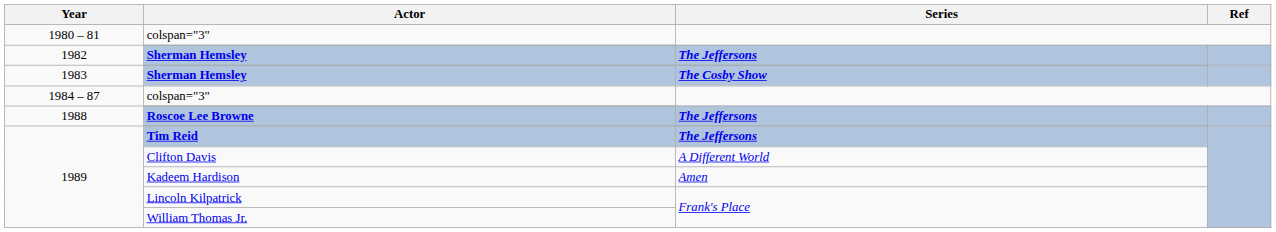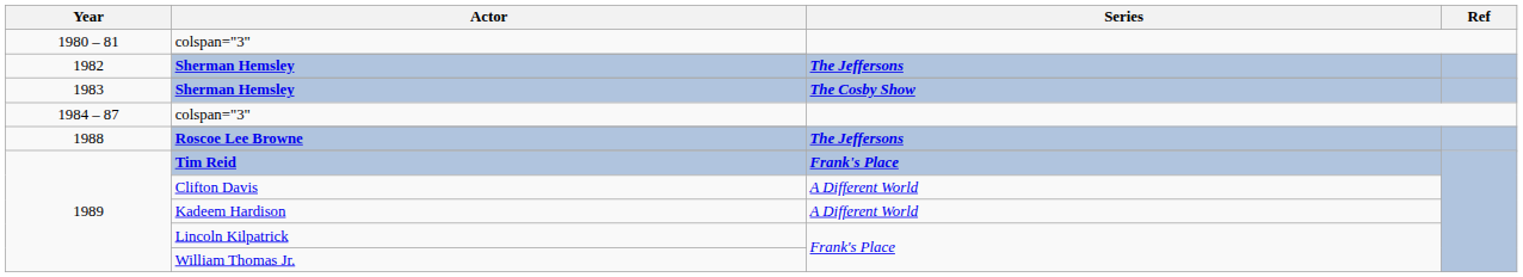 <table class="wikitable" style="width:100%;">
 <tr style="background:#bebebe;">
 <th style="width:11%;">Year</th>
 <th style="width:42%;">Actor</th>
 <th style="width:42%;">Series</th>
 <th style="width:5%;">Ref</th>
 </tr>
 <tr>
 <td align="center">1980 – 81</td>
 <td>colspan="3" </td>
 </tr>
 <tr>
 <td rowspan="2" align="center">1982</td>
 </tr>
 <tr style="background:#B0C4DE">
 <td><strong><a href='#'>Sherman Hemsley</a></strong></td>
 <td><strong><em><a href='#'>The Jeffersons</a></em></strong></td>
 <td rowspan="2" align="center"></td>
 </tr>
 <tr>
 <td rowspan="2" align="center">1983</td>
 </tr>
 <tr style="background:#B0C4DE">
 <td><strong><a href='#'>Sherman Hemsley</a></strong></td>
 <td><strong><em><a href='#'>The Cosby Show</a></em></strong></td>
 <td align="center"></td>
 </tr>
 <tr>
 <td align="center">1984 – 87</td>
 <td>colspan="3" </td>
 </tr>
 <tr>
 <td rowspan="2" align="center">1988</td>
 </tr>
 <tr style="background:#B0C4DE">
 <td><strong><a href='#'>Roscoe Lee Browne</a></strong></td>
 <td><strong><em><a href='#'>The Jeffersons</a></em></strong></td>
 <td rowspan="2" align="center"></td>
 </tr>
 <tr>
 <td rowspan="6" align="center">1989</td>
 </tr>
 <tr style="background:#B0C4DE">
 <td><strong><a href='#'>Tim Reid</a></strong></td>
-<td><strong><em><a href='#'>The Jeffersons</a></em></strong></td>
+<td><strong><em><a href='#'>Frank's Place</a></em></strong></td>
 <td rowspan="6" align="center"></td>
 </tr>
 <tr>
 <td><a href='#'>Clifton Davis</a></td>
 <td><em><a href='#'>A Different World</a></em></td>
 </tr>
 <tr>
 <td><a href='#'>Kadeem Hardison</a></td>
-<td><em><a href='#'>Amen</a></em></td>
+<td><em><a href='#'>A Different World</a></em></td>
 </tr>
 <tr>
 <td><a href='#'>Lincoln Kilpatrick</a></td>
 <td rowspan="2"><em><a href='#'>Frank's Place</a></em></td>
 </tr>
 <tr>
 <td><a href='#'>William Thomas Jr.</a></td>
 </tr>
 </table>
